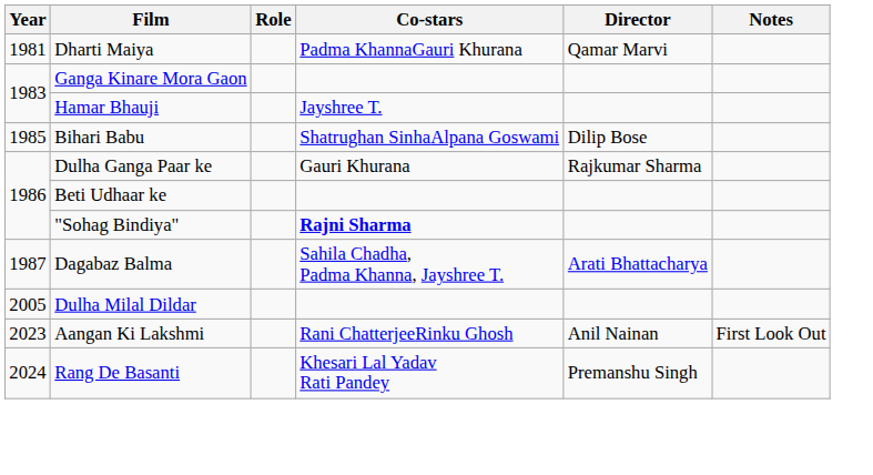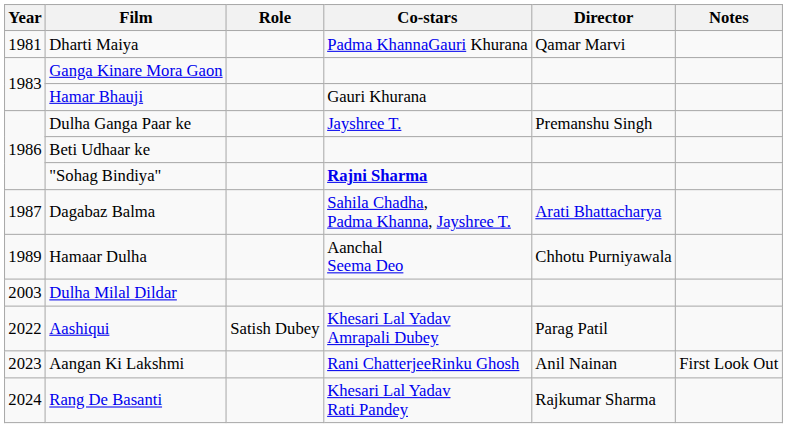 <table class="wikitable sortable">
 <tr>
 <th>Year</th>
 <th>Film</th>
 <th>Role</th>
 <th>Co-stars</th>
 <th>Director</th>
 <th>Notes</th>
 </tr>
 <tr>
 <td>1981</td>
 <td>Dharti Maiya</td>
 <td></td>
 <td><a href='#'>Padma KhannaGauri</a> Khurana</td>
 <td>Qamar Marvi</td>
 <td></td>
 </tr>
 <tr>
 <td rowspan="2">1983</td>
 <td><a href='#'>Ganga Kinare Mora Gaon</a></td>
 <td></td>
 <td></td>
 <td></td>
 <td></td>
 </tr>
 <tr>
 <td><a href='#'>Hamar Bhauji</a></td>
 <td></td>
-<td><a href='#'>Jayshree T.</a></td>
+<td>Gauri Khurana</td>
 <td></td>
-<td></td>
-</tr>
-<tr>
-<td>1985</td>
-<td>Bihari Babu</td>
-<td></td>
-<td><a href='#'>Shatrughan Sinha</a><a href='#'>Alpana Goswami</a></td>
-<td>Dilip Bose</td>
 <td></td>
 </tr>
 <tr>
 <td rowspan="3">1986</td>
 <td>Dulha Ganga Paar ke</td>
 <td></td>
-<td>Gauri Khurana</td>
-<td>Rajkumar Sharma</td>
+<td><a href='#'>Jayshree T.</a></td>
+<td>Premanshu Singh</td>
 <td></td>
 </tr>
 <tr>
 <td>Beti Udhaar ke</td>
 <td></td>
 <td></td>
 <td></td>
 <td></td>
 </tr>
 <tr>
 <td>"Sohag Bindiya"</td>
 <td></td>
 <td><strong><a href='#'>Rajni Sharma</a></strong></td>
 <td></td>
 <td></td>
 </tr>
 <tr>
 <td>1987</td>
 <td>Dagabaz Balma</td>
 <td></td>
 <td><a href='#'>Sahila Chadha</a>,<br><a href='#'>Padma Khanna</a>, <a href='#'>Jayshree T.</a></td>
 <td><a href='#'>Arati Bhattacharya</a></td>
 <td></td>
 </tr>
 <tr>
-<td>2005</td>
+<td>1989</td>
+<td>Hamaar Dulha</td>
+<td></td>
+<td>Aanchal<br><a href='#'>Seema Deo</a></td>
+<td>Chhotu Purniyawala</td>
+<td></td>
+</tr>
+<tr>
+<td>2003</td>
 <td><a href='#'>Dulha Milal Dildar</a></td>
 <td></td>
 <td></td>
 <td></td>
+<td></td>
+</tr>
+<tr>
+<td>2022</td>
+<td><a href='#'>Aashiqui</a></td>
+<td>Satish Dubey</td>
+<td><a href='#'>Khesari Lal Yadav</a><br><a href='#'>Amrapali Dubey</a></td>
+<td>Parag Patil</td>
 <td></td>
 </tr>
 <tr>
 <td>2023</td>
 <td>Aangan Ki Lakshmi</td>
 <td></td>
 <td><a href='#'>Rani Chatterjee</a><a href='#'>Rinku Ghosh</a></td>
 <td>Anil Nainan</td>
 <td>First Look Out</td>
 </tr>
 <tr>
 <td>2024</td>
 <td><a href='#'>Rang De Basanti</a></td>
 <td></td>
 <td><a href='#'>Khesari Lal Yadav</a><br><a href='#'>Rati Pandey</a></td>
-<td>Premanshu Singh</td>
+<td>Rajkumar Sharma</td>
 <td></td>
 </tr>
 </table>
